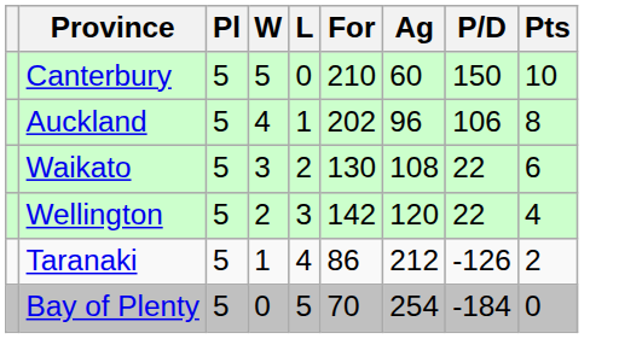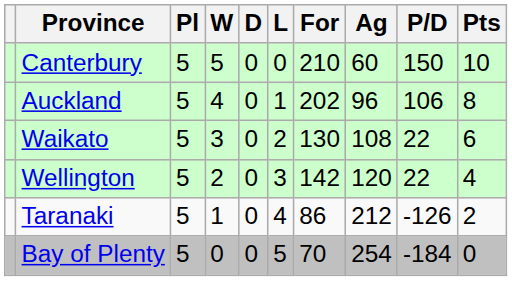 <table class="wikitable sortable">
 <tr>
 <th></th>
 <th>Province</th>
 <th>Pl</th>
 <th>W</th>
+<th>D</th>
 <th>L</th>
 <th>For</th>
 <th>Ag</th>
 <th>P/D</th>
 <th>Pts</th>
 </tr>
 <tr style="background: #ccffcc;">
 <td></td>
 <td><a href='#'>Canterbury</a></td>
 <td>5</td>
 <td>5</td>
 <td>0</td>
+<td>0</td>
 <td>210</td>
 <td>60</td>
 <td>150</td>
 <td>10</td>
 </tr>
 <tr style="background:#ccffcc;">
 <td></td>
 <td><a href='#'>Auckland</a></td>
 <td>5</td>
 <td>4</td>
+<td>0</td>
 <td>1</td>
 <td>202</td>
 <td>96</td>
 <td>106</td>
 <td>8</td>
 </tr>
 <tr style="background: #ccffcc;">
 <td></td>
 <td><a href='#'>Waikato</a></td>
 <td>5</td>
 <td>3</td>
+<td>0</td>
 <td>2</td>
 <td>130</td>
 <td>108</td>
 <td>22</td>
 <td>6</td>
 </tr>
 <tr style="background: #ccffcc;">
 <td></td>
 <td><a href='#'>Wellington</a></td>
 <td>5</td>
 <td>2</td>
+<td>0</td>
 <td>3</td>
 <td>142</td>
 <td>120</td>
 <td>22</td>
 <td>4</td>
 </tr>
 <tr style="background:">
 <td></td>
 <td><a href='#'>Taranaki</a></td>
 <td>5</td>
 <td>1</td>
+<td>0</td>
 <td>4</td>
 <td>86</td>
 <td>212</td>
 <td>-126</td>
 <td>2</td>
 </tr>
 <tr style="background: silver">
 <td></td>
 <td><a href='#'>Bay of Plenty</a></td>
 <td>5</td>
 <td>0</td>
+<td>0</td>
 <td>5</td>
 <td>70</td>
 <td>254</td>
 <td>-184</td>
 <td>0</td>
 </tr>
 </table>
